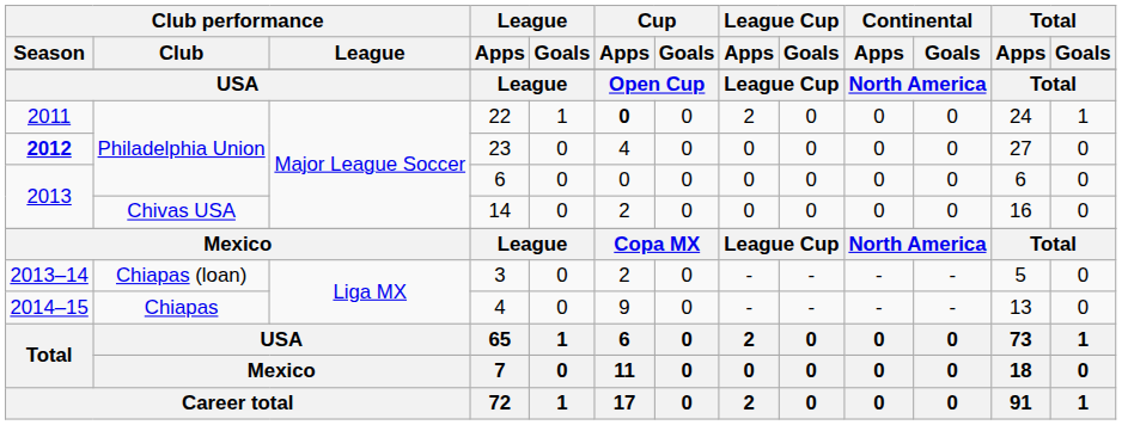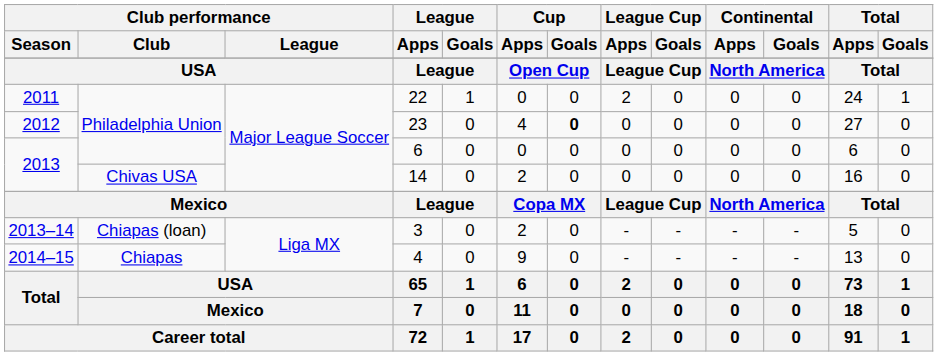 <table class="wikitable" style="text-align:center">
 <tr>
 <th colspan=3>Club performance</th>
 <th colspan=2>League</th>
 <th colspan=2>Cup</th>
 <th colspan=2>League Cup</th>
 <th colspan=2>Continental</th>
 <th colspan=2>Total</th>
 </tr>
 <tr>
 <th>Season</th>
 <th>Club</th>
 <th>League</th>
 <th>Apps</th>
 <th>Goals</th>
 <th>Apps</th>
 <th>Goals</th>
 <th>Apps</th>
 <th>Goals</th>
 <th>Apps</th>
 <th>Goals</th>
 <th>Apps</th>
 <th>Goals</th>
 </tr>
 <tr>
 </tr>
 <tr>
 <th colspan=3>USA</th>
 <th colspan=2>League</th>
 <th colspan=2><a href='#'>Open Cup</a></th>
 <th colspan=2>League Cup</th>
 <th colspan=2><a href='#'>North America</a></th>
 <th colspan=2>Total</th>
 </tr>
 <tr>
 <td><a href='#'>2011</a></td>
 <td rowspan="3"><a href='#'>Philadelphia Union</a></td>
 <td rowspan="4"><a href='#'>Major League Soccer</a></td>
 <td>22</td>
 <td>1</td>
-<td><strong>0</strong></td>
+<td>0</td>
 <td>0</td>
 <td>2</td>
 <td>0</td>
 <td>0</td>
 <td>0</td>
 <td>24</td>
 <td>1</td>
 </tr>
 <tr>
-<td><strong><a href='#'>2012</a></strong></td>
+<td><a href='#'>2012</a></td>
 <td>23</td>
 <td>0</td>
 <td>4</td>
-<td>0</td>
+<td><strong>0</strong></td>
 <td>0</td>
 <td>0</td>
 <td>0</td>
 <td>0</td>
 <td>27</td>
 <td>0</td>
 </tr>
 <tr>
 <td rowspan="2"><a href='#'>2013</a></td>
 <td>6</td>
 <td>0</td>
 <td>0</td>
 <td>0</td>
 <td>0</td>
 <td>0</td>
 <td>0</td>
 <td>0</td>
 <td>6</td>
 <td>0</td>
 </tr>
 <tr>
 <td rowspan="1"><a href='#'>Chivas USA</a></td>
 <td>14</td>
 <td>0</td>
 <td>2</td>
 <td>0</td>
 <td>0</td>
 <td>0</td>
 <td>0</td>
 <td>0</td>
 <td>16</td>
 <td>0</td>
 </tr>
 <tr>
 </tr>
 <tr>
 <th colspan=3>Mexico</th>
 <th colspan=2>League</th>
 <th colspan=2><a href='#'>Copa MX</a></th>
 <th colspan=2>League Cup</th>
 <th colspan=2><a href='#'>North America</a></th>
 <th colspan=2>Total</th>
 </tr>
 <tr>
 <td><a href='#'>2013–14</a></td>
 <td><a href='#'>Chiapas</a> (loan)</td>
 <td rowspan="2"><a href='#'>Liga MX</a></td>
 <td>3</td>
 <td>0</td>
 <td>2</td>
 <td>0</td>
 <td>-</td>
 <td>-</td>
 <td>-</td>
 <td>-</td>
 <td>5</td>
 <td>0</td>
 </tr>
 <tr>
 <td><a href='#'>2014–15</a></td>
 <td><a href='#'>Chiapas</a></td>
 <td>4</td>
 <td>0</td>
 <td>9</td>
 <td>0</td>
 <td>-</td>
 <td>-</td>
 <td>-</td>
 <td>-</td>
 <td>13</td>
 <td>0</td>
 </tr>
 <tr>
 <th rowspan=2>Total</th>
 <th colspan=2>USA</th>
 <th>65</th>
 <th>1</th>
 <th>6</th>
 <th>0</th>
 <th>2</th>
 <th>0</th>
 <th>0</th>
 <th>0</th>
 <th>73</th>
 <th>1</th>
 </tr>
 <tr>
 <th colspan=2>Mexico</th>
 <th>7</th>
 <th>0</th>
 <th>11</th>
 <th>0</th>
 <th>0</th>
 <th>0</th>
 <th>0</th>
 <th>0</th>
 <th>18</th>
 <th>0</th>
 </tr>
 <tr>
 <th colspan=3>Career total</th>
 <th>72</th>
 <th>1</th>
 <th>17</th>
 <th>0</th>
 <th>2</th>
 <th>0</th>
 <th>0</th>
 <th>0</th>
 <th>91</th>
 <th>1</th>
 </tr>
 </table>
